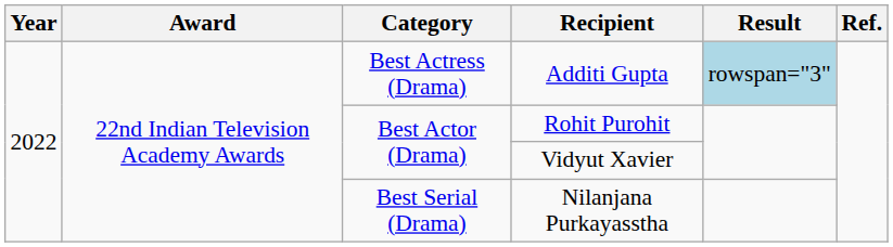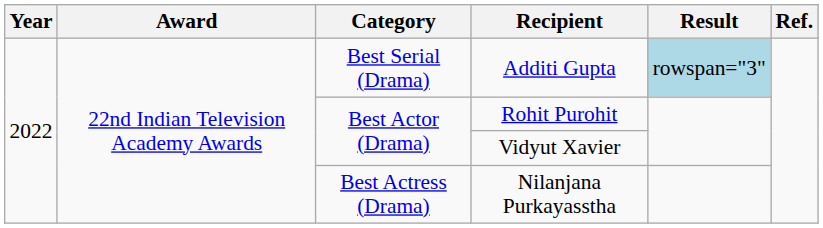 <table class="wikitable" style="text-align:center;">
 <tr>
 <th>Year</th>
 <th>Award</th>
 <th>Category</th>
 <th>Recipient</th>
 <th>Result</th>
 <th>Ref.</th>
 </tr>
 <tr>
 <td rowspan="4">2022</td>
 <td rowspan="4"><a href='#'>22nd Indian Television Academy Awards</a></td>
-<td><a href='#'>Best Actress (Drama)</a></td>
+<td><a href='#'>Best Serial (Drama)</a></td>
 <td><a href='#'>Additi Gupta</a></td>
 <td style="background: lightblue;">rowspan="3" </td>
 <td rowspan="4"></td>
 </tr>
 <tr>
 <td rowspan="2"><a href='#'>Best Actor (Drama)</a></td>
 <td><a href='#'>Rohit Purohit</a></td>
 </tr>
 <tr>
 <td>Vidyut Xavier</td>
 </tr>
 <tr>
-<td><a href='#'>Best Serial (Drama)</a></td>
+<td><a href='#'>Best Actress (Drama)</a></td>
 <td>Nilanjana Purkayasstha</td>
 <td></td>
 </tr>
 </table>
